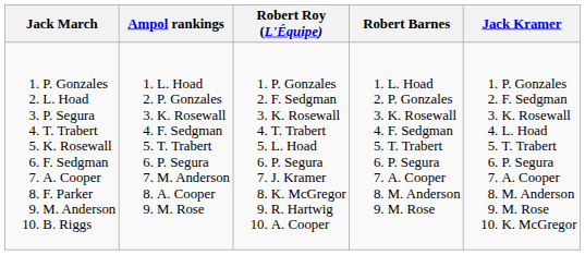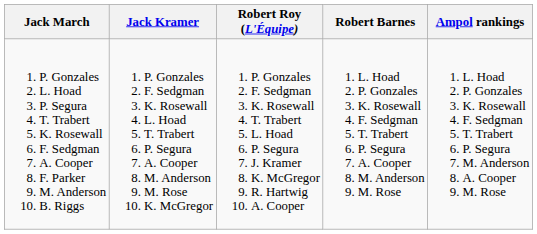 <table class="wikitable">
 <tr>
 <th>Jack March</th>
-<th><a href='#'>Ampol</a> rankings</strong><strong></th>
+<th><a href='#'>Jack Kramer</a></th>
 <th>Robert Roy<strong></strong><br>(<strong><em><a href='#'>L'Équipe</a><em>)<strong></th>
 <th>Robert Barnes</th>
-<th><a href='#'>Jack Kramer</a></th>
+<th><a href='#'>Ampol</a> rankings</strong><strong></th>
 </tr>
 <tr style="vertical-align: top;">
 <td style="white-space: nowrap;"><br><ol><li> P. Gonzales</li><li> L. Hoad</li><li> P. Segura</li><li> T. Trabert</li><li> K. Rosewall</li><li> F. Sedgman</li><li> A. Cooper</li><li> F. Parker</li><li> M. Anderson</li><li> B. Riggs</li></ol></td>
-<td style="white-space: nowrap;"><br><ol><li> L. Hoad</li><li> P. Gonzales</li><li> K. Rosewall</li><li> F. Sedgman</li><li> T. Trabert</li><li> P. Segura</li><li> M. Anderson</li><li> A. Cooper</li><li> M. Rose</li></ol></td>
+<td style="white-space: nowrap;"><br><ol><li> P. Gonzales</li><li> F. Sedgman</li><li> K. Rosewall</li><li> L. Hoad</li><li> T. Trabert</li><li> P. Segura</li><li> A. Cooper</li><li> M. Anderson</li><li> M. Rose</li><li> K. McGregor</li></ol></td>
 <td style="white-space: nowrap;"><br><ol><li> P. Gonzales</li><li> F. Sedgman</li><li> K. Rosewall</li><li> T. Trabert</li><li> L. Hoad</li><li> P. Segura</li><li> J. Kramer</li><li> K. McGregor</li><li> R. Hartwig</li><li> A. Cooper</li></ol></td>
 <td style="white-space: nowrap;"><br><ol><li> L. Hoad</li><li> P. Gonzales</li><li> K. Rosewall</li><li> F. Sedgman</li><li> T. Trabert</li><li> P. Segura</li><li> A. Cooper</li><li> M. Anderson</li><li> M. Rose</li></ol></td>
-<td style="white-space: nowrap;"><br><ol><li> P. Gonzales</li><li> F. Sedgman</li><li> K. Rosewall</li><li> L. Hoad</li><li> T. Trabert</li><li> P. Segura</li><li> A. Cooper</li><li> M. Anderson</li><li> M. Rose</li><li> K. McGregor</li></ol></td>
+<td style="white-space: nowrap;"><br><ol><li> L. Hoad</li><li> P. Gonzales</li><li> K. Rosewall</li><li> F. Sedgman</li><li> T. Trabert</li><li> P. Segura</li><li> M. Anderson</li><li> A. Cooper</li><li> M. Rose</li></ol></td>
 </tr>
 </table>
